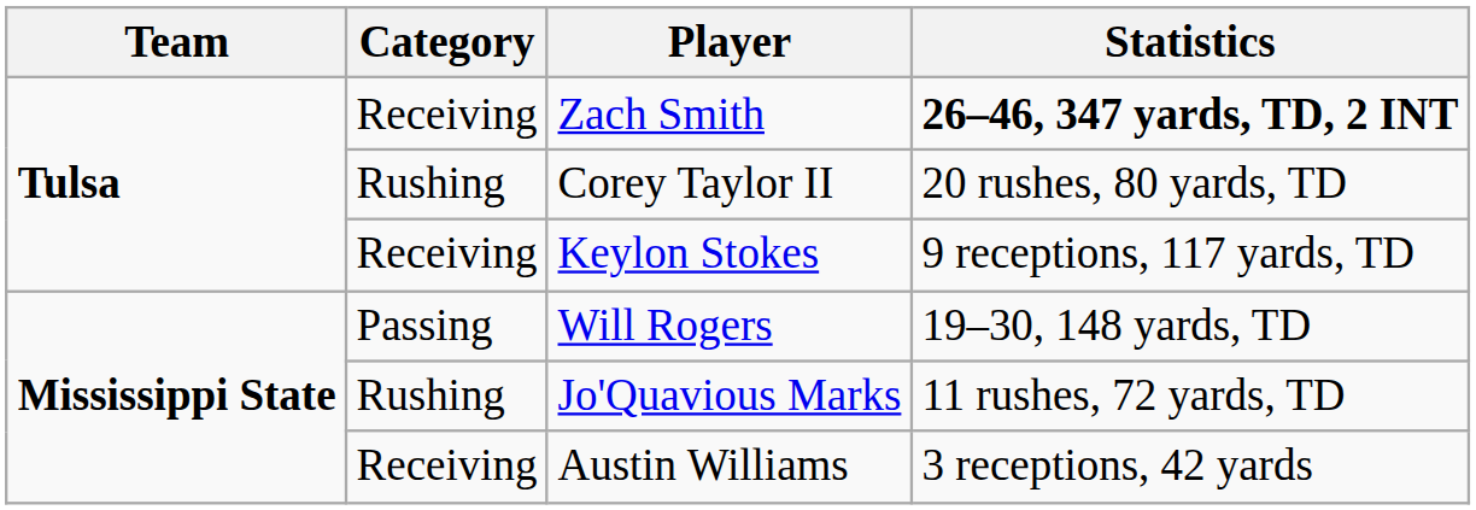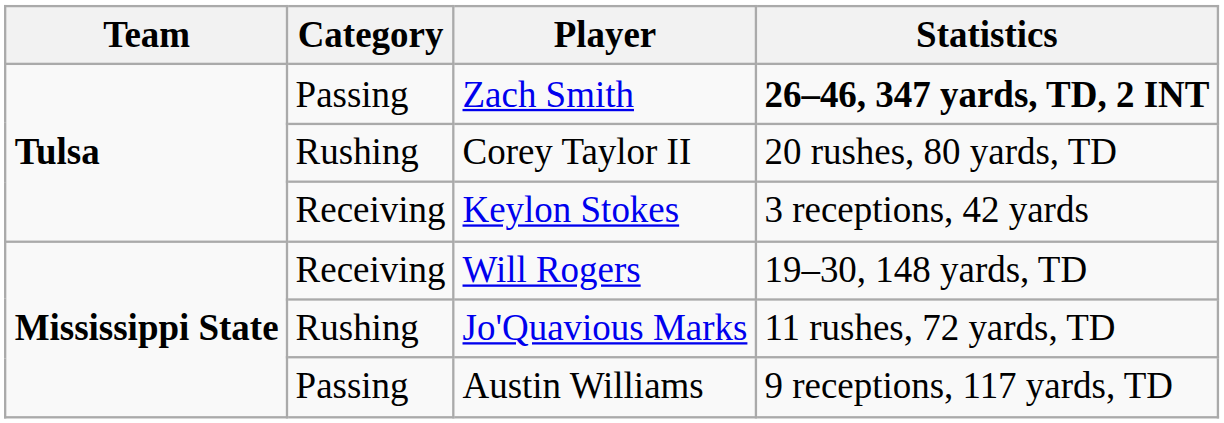 <table class="wikitable" style="float: right;">
 <tr>
 <th>Team</th>
 <th>Category</th>
 <th>Player</th>
 <th>Statistics</th>
 </tr>
 <tr>
 <td rowspan=3><strong>Tulsa</strong></td>
-<td>Receiving</td>
+<td>Passing</td>
 <td><a href='#'>Zach Smith</a></td>
 <td><strong>26–46, 347 yards, TD, 2 INT</strong></td>
 </tr>
 <tr>
 <td>Rushing</td>
 <td>Corey Taylor II</td>
 <td>20 rushes, 80 yards, TD</td>
 </tr>
 <tr>
 <td>Receiving</td>
 <td><a href='#'>Keylon Stokes</a></td>
-<td>9 receptions, 117 yards, TD</td>
+<td>3 receptions, 42 yards</td>
 </tr>
 <tr>
 <td rowspan=3><strong>Mississippi State</strong></td>
-<td>Passing</td>
+<td>Receiving</td>
 <td><a href='#'>Will Rogers</a></td>
 <td>19–30, 148 yards, TD</td>
 </tr>
 <tr>
 <td>Rushing</td>
 <td><a href='#'>Jo'Quavious Marks</a></td>
 <td>11 rushes, 72 yards, TD</td>
 </tr>
 <tr>
-<td>Receiving</td>
+<td>Passing</td>
 <td>Austin Williams</td>
-<td>3 receptions, 42 yards</td>
+<td>9 receptions, 117 yards, TD</td>
 </tr>
 </table>
